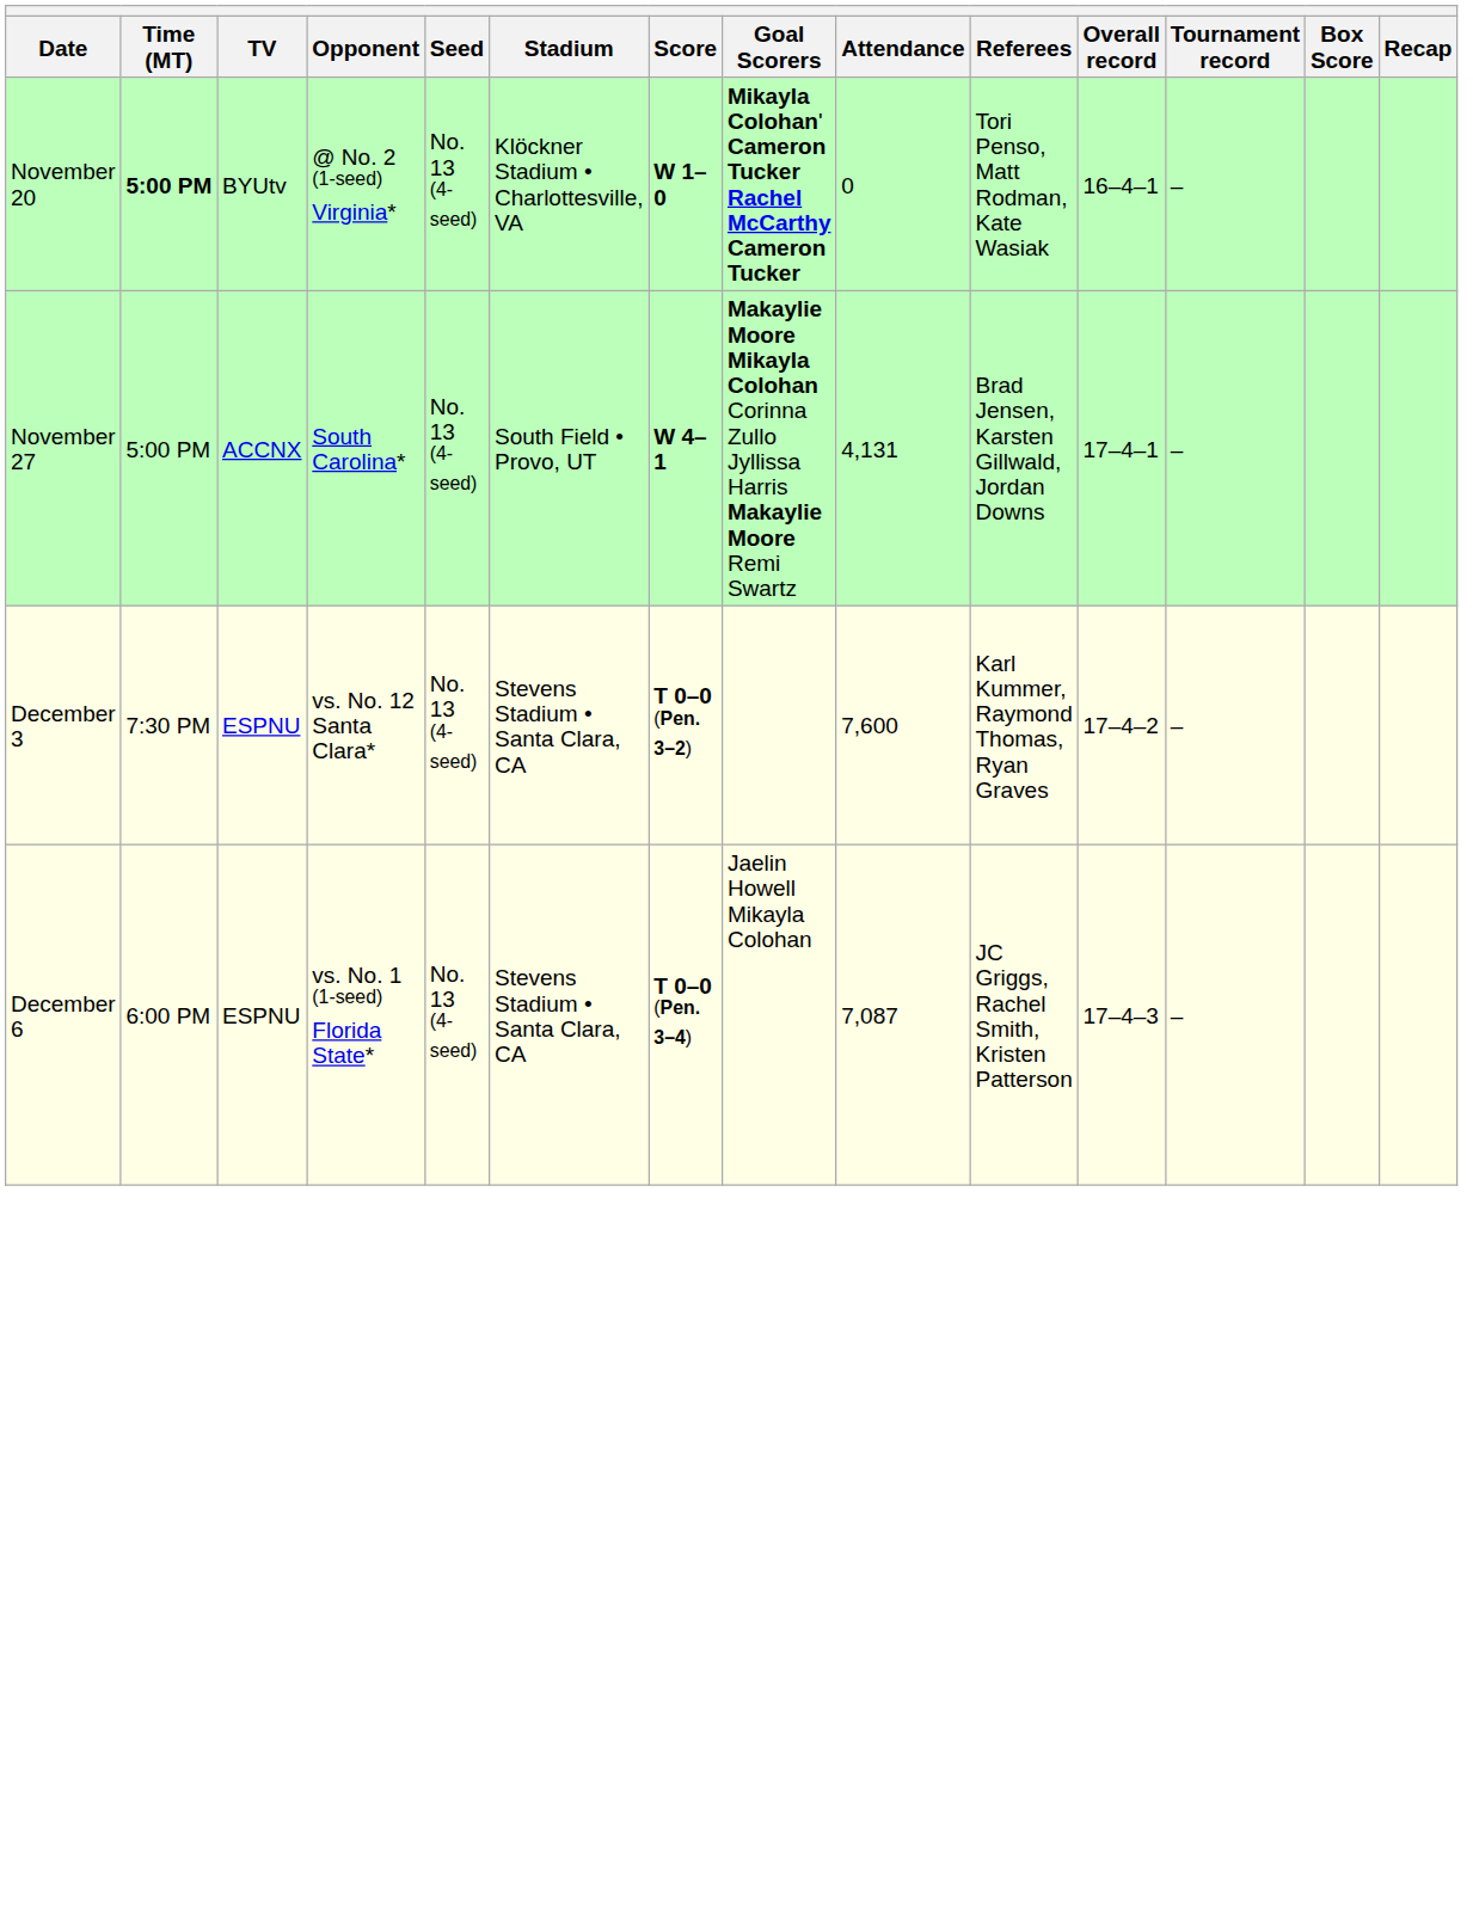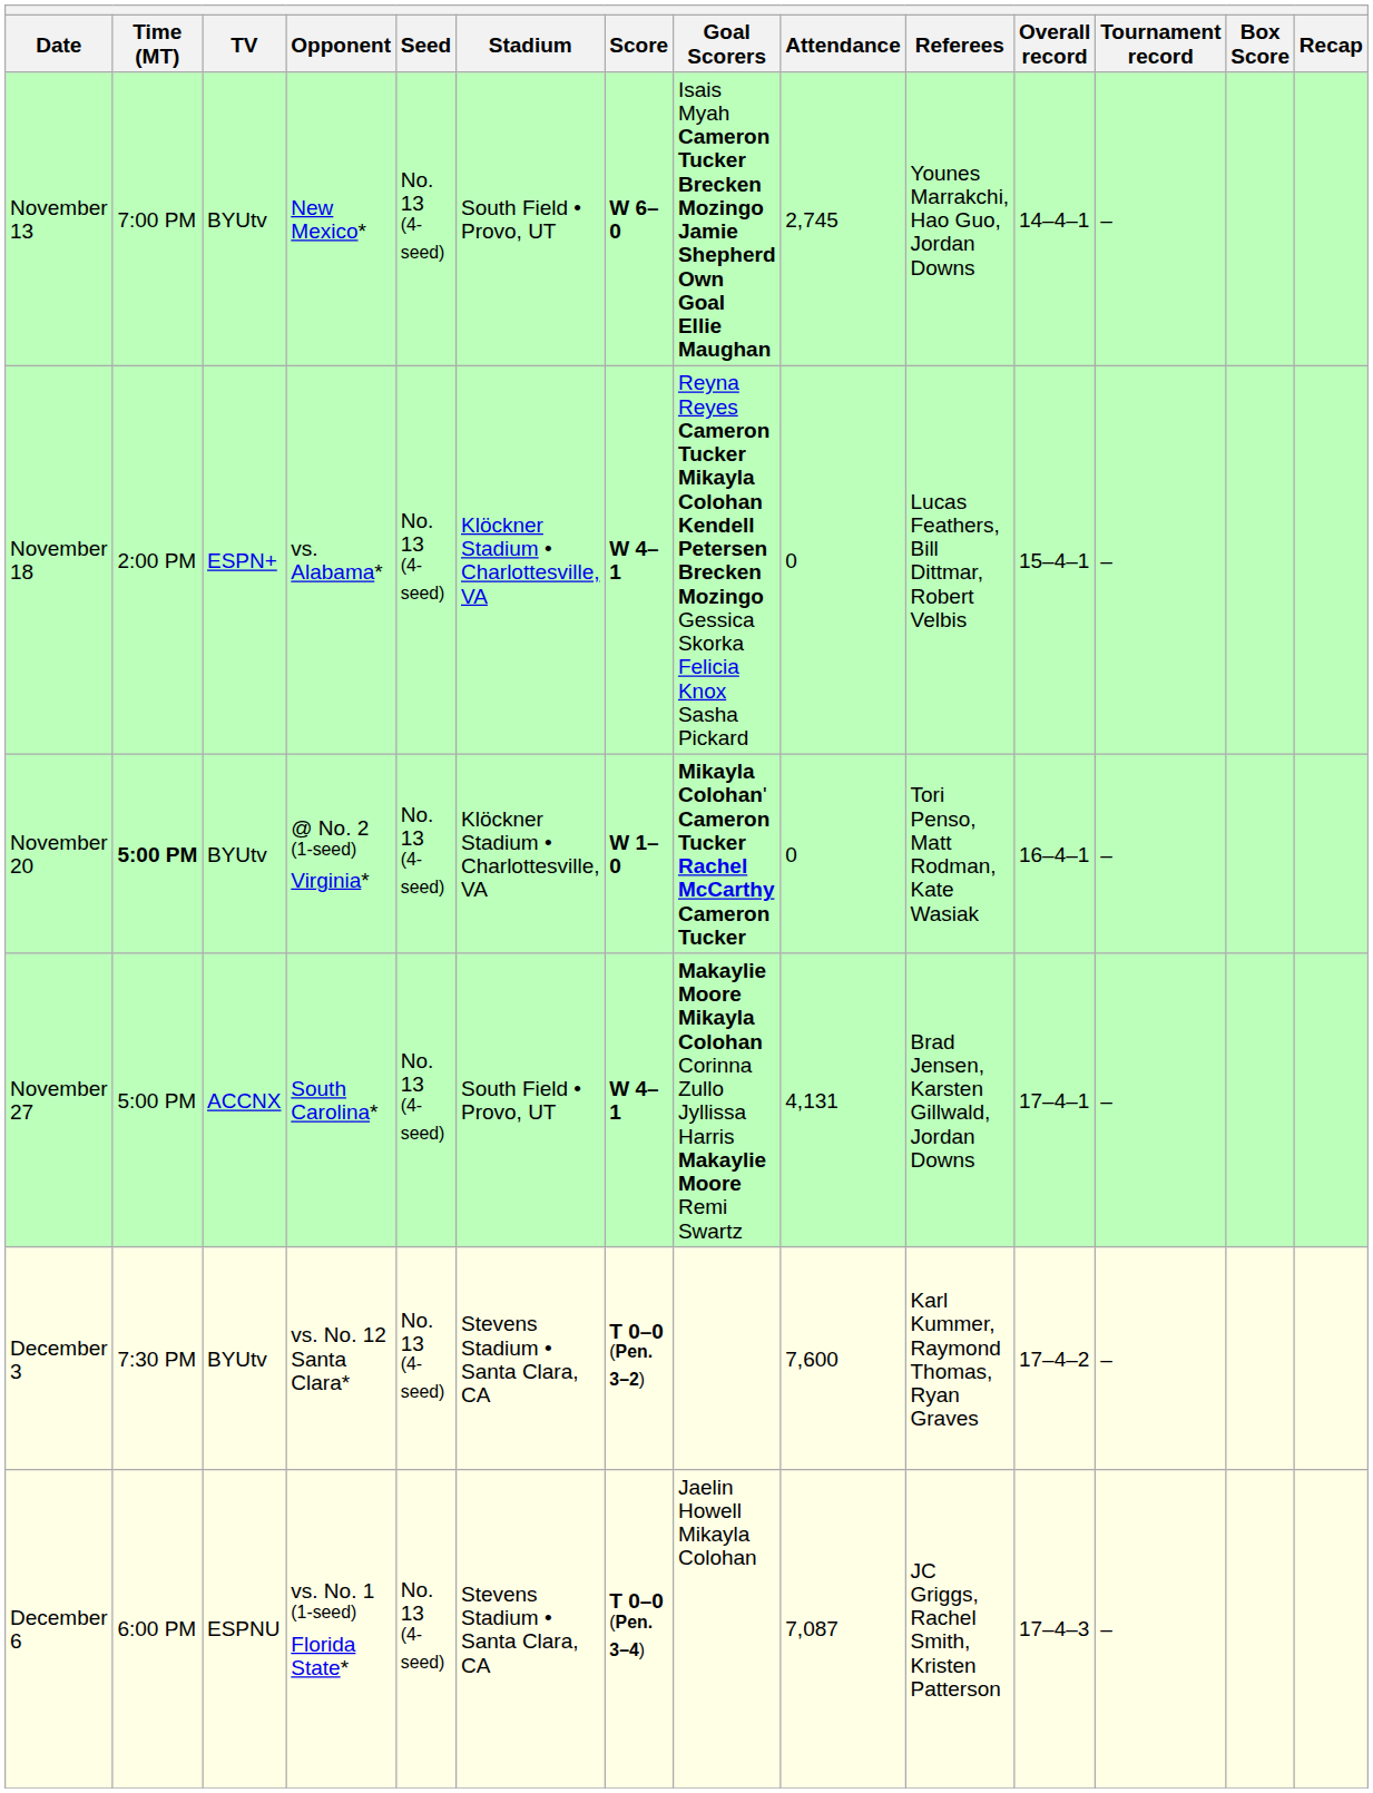 <table class="wikitable collapsible collapsed" style="margin:auto; font-size:95%; width:100%">
 <tr>
 <th colspan=14 style="padding-left:4em;"></th>
 </tr>
 <tr>
 <th>Date</th>
 <th>Time (MT)</th>
 <th>TV</th>
 <th>Opponent</th>
 <th>Seed</th>
 <th>Stadium</th>
 <th>Score</th>
 <th>Goal Scorers</th>
 <th>Attendance</th>
 <th>Referees</th>
 <th>Overall record</th>
 <th>Tournament record</th>
 <th>Box Score</th>
 <th>Recap</th>
+</tr>
+<tr bgcolor=bbffbb>
+<td>November 13</td>
+<td>7:00 PM</td>
+<td>BYUtv</td>
+<td><a href='#'>New Mexico</a>*</td>
+<td>No. 13 <sup>(4-seed)</sup></td>
+<td>South Field • Provo, UT</td>
+<td><strong>W 6–0</strong></td>
+<td> Isais Myah <br> <strong>Cameron Tucker</strong>  <br> <strong>Brecken Mozingo</strong>  <br> <strong>Jamie Shepherd</strong>  <br> <strong>Own Goal</strong>  <br> <strong>Ellie Maughan</strong> </td>
+<td>2,745</td>
+<td>Younes Marrakchi, <br> Hao Guo, <br> Jordan Downs</td>
+<td>14–4–1</td>
+<td>–</td>
+<td></td>
+<td></td>
+</tr>
+<tr bgcolor=bbffbb>
+<td>November 18</td>
+<td>2:00 PM</td>
+<td><a href='#'>ESPN+</a></td>
+<td>vs. <a href='#'>Alabama</a>*</td>
+<td>No. 13 <sup>(4-seed)</sup></td>
+<td><a href='#'>Klöckner Stadium</a>  • <a href='#'>Charlottesville, VA</a></td>
+<td><strong>W 4–1</strong></td>
+<td> <a href='#'>Reyna Reyes</a> <br> <strong>Cameron Tucker</strong>  <br> <strong>Mikayla Colohan</strong>  <br> <strong>Kendell Petersen</strong>  <br> <strong>Brecken Mozingo</strong>  <br>  Gessica Skorka <br>  <a href='#'>Felicia Knox</a> <br>  Sasha Pickard</td>
+<td>0</td>
+<td>Lucas Feathers, <br> Bill Dittmar, <br> Robert Velbis</td>
+<td>15–4–1</td>
+<td>–</td>
+<td></td>
+<td></td>
 </tr>
 <tr bgcolor=bbffbb>
 <td>November 20</td>
 <td><strong>5:00 PM</strong></td>
 <td>BYUtv</td>
 <td>@ No. 2 <sup>(1-seed)</sup> <a href='#'>Virginia</a>*</td>
 <td>No. 13 <sup>(4-seed)</sup></td>
 <td>Klöckner Stadium • Charlottesville, VA</td>
 <td><strong>W 1–0</strong></td>
 <td><strong>Mikayla Colohan</strong>'  <br> <strong>Cameron Tucker</strong>  <br> <strong><a href='#'>Rachel McCarthy</a></strong>  <br> <strong>Cameron Tucker</strong> </td>
 <td>0</td>
 <td>Tori Penso, <br> Matt Rodman, <br> Kate Wasiak</td>
 <td>16–4–1</td>
 <td>–</td>
 <td></td>
 <td></td>
 </tr>
 <tr bgcolor=bbffbb>
 <td>November 27</td>
 <td>5:00 PM</td>
 <td><a href='#'>ACCNX</a></td>
 <td><a href='#'>South Carolina</a>*</td>
 <td>No. 13 <sup>(4-seed)</sup></td>
 <td>South Field • Provo, UT</td>
 <td><strong>W 4–1</strong></td>
 <td><strong>Makaylie Moore</strong>  <br> <strong>Mikayla Colohan</strong>  <br>  Corinna Zullo <br>  Jyllissa Harris <br> <strong>Makaylie Moore</strong>  <br>  Remi Swartz</td>
 <td>4,131</td>
 <td>Brad Jensen, <br> Karsten Gillwald, <br> Jordan Downs</td>
 <td>17–4–1</td>
 <td>–</td>
 <td></td>
 <td></td>
 </tr>
 <tr bgcolor=ffffe6>
 <td>December 3</td>
 <td>7:30 PM</td>
-<td><a href='#'>ESPNU</a></td>
+<td>BYUtv</td>
 <td>vs. No. 12 Santa Clara*</td>
 <td>No. 13 <sup>(4-seed)</sup></td>
 <td>Stevens Stadium • Santa Clara, CA</td>
 <td><strong>T 0–0</strong> <sup>(<strong>Pen. 3–2</strong>)</sup></td>
 <td> <br>  <br>  <br>  <br>  <br>  <br>  <br>  <br>  <br> </td>
 <td>7,600</td>
 <td>Karl Kummer, <br> Raymond Thomas, <br> Ryan Graves</td>
 <td>17–4–2</td>
 <td>–</td>
 <td></td>
 <td></td>
 </tr>
 <tr bgcolor=ffffe6>
 <td>December 6</td>
 <td>6:00 PM</td>
 <td>ESPNU</td>
 <td>vs. No. 1 <sup>(1-seed)</sup> <a href='#'>Florida State</a>*</td>
 <td>No. 13 <sup>(4-seed)</sup></td>
 <td>Stevens Stadium • Santa Clara, CA</td>
 <td><strong>T 0–0</strong> <sup>(<strong>Pen. 3–4</strong>)</sup></td>
 <td> Jaelin Howell <br> Mikayla Colohan  <br>  <br>  <br>  <br>  <br>  <br>  <br>  <br>  <br>  <br> </td>
 <td>7,087</td>
 <td>JC Griggs, <br> Rachel Smith, <br> Kristen Patterson</td>
 <td>17–4–3</td>
 <td>–</td>
 <td></td>
 <td></td>
 </tr>
 </table>
